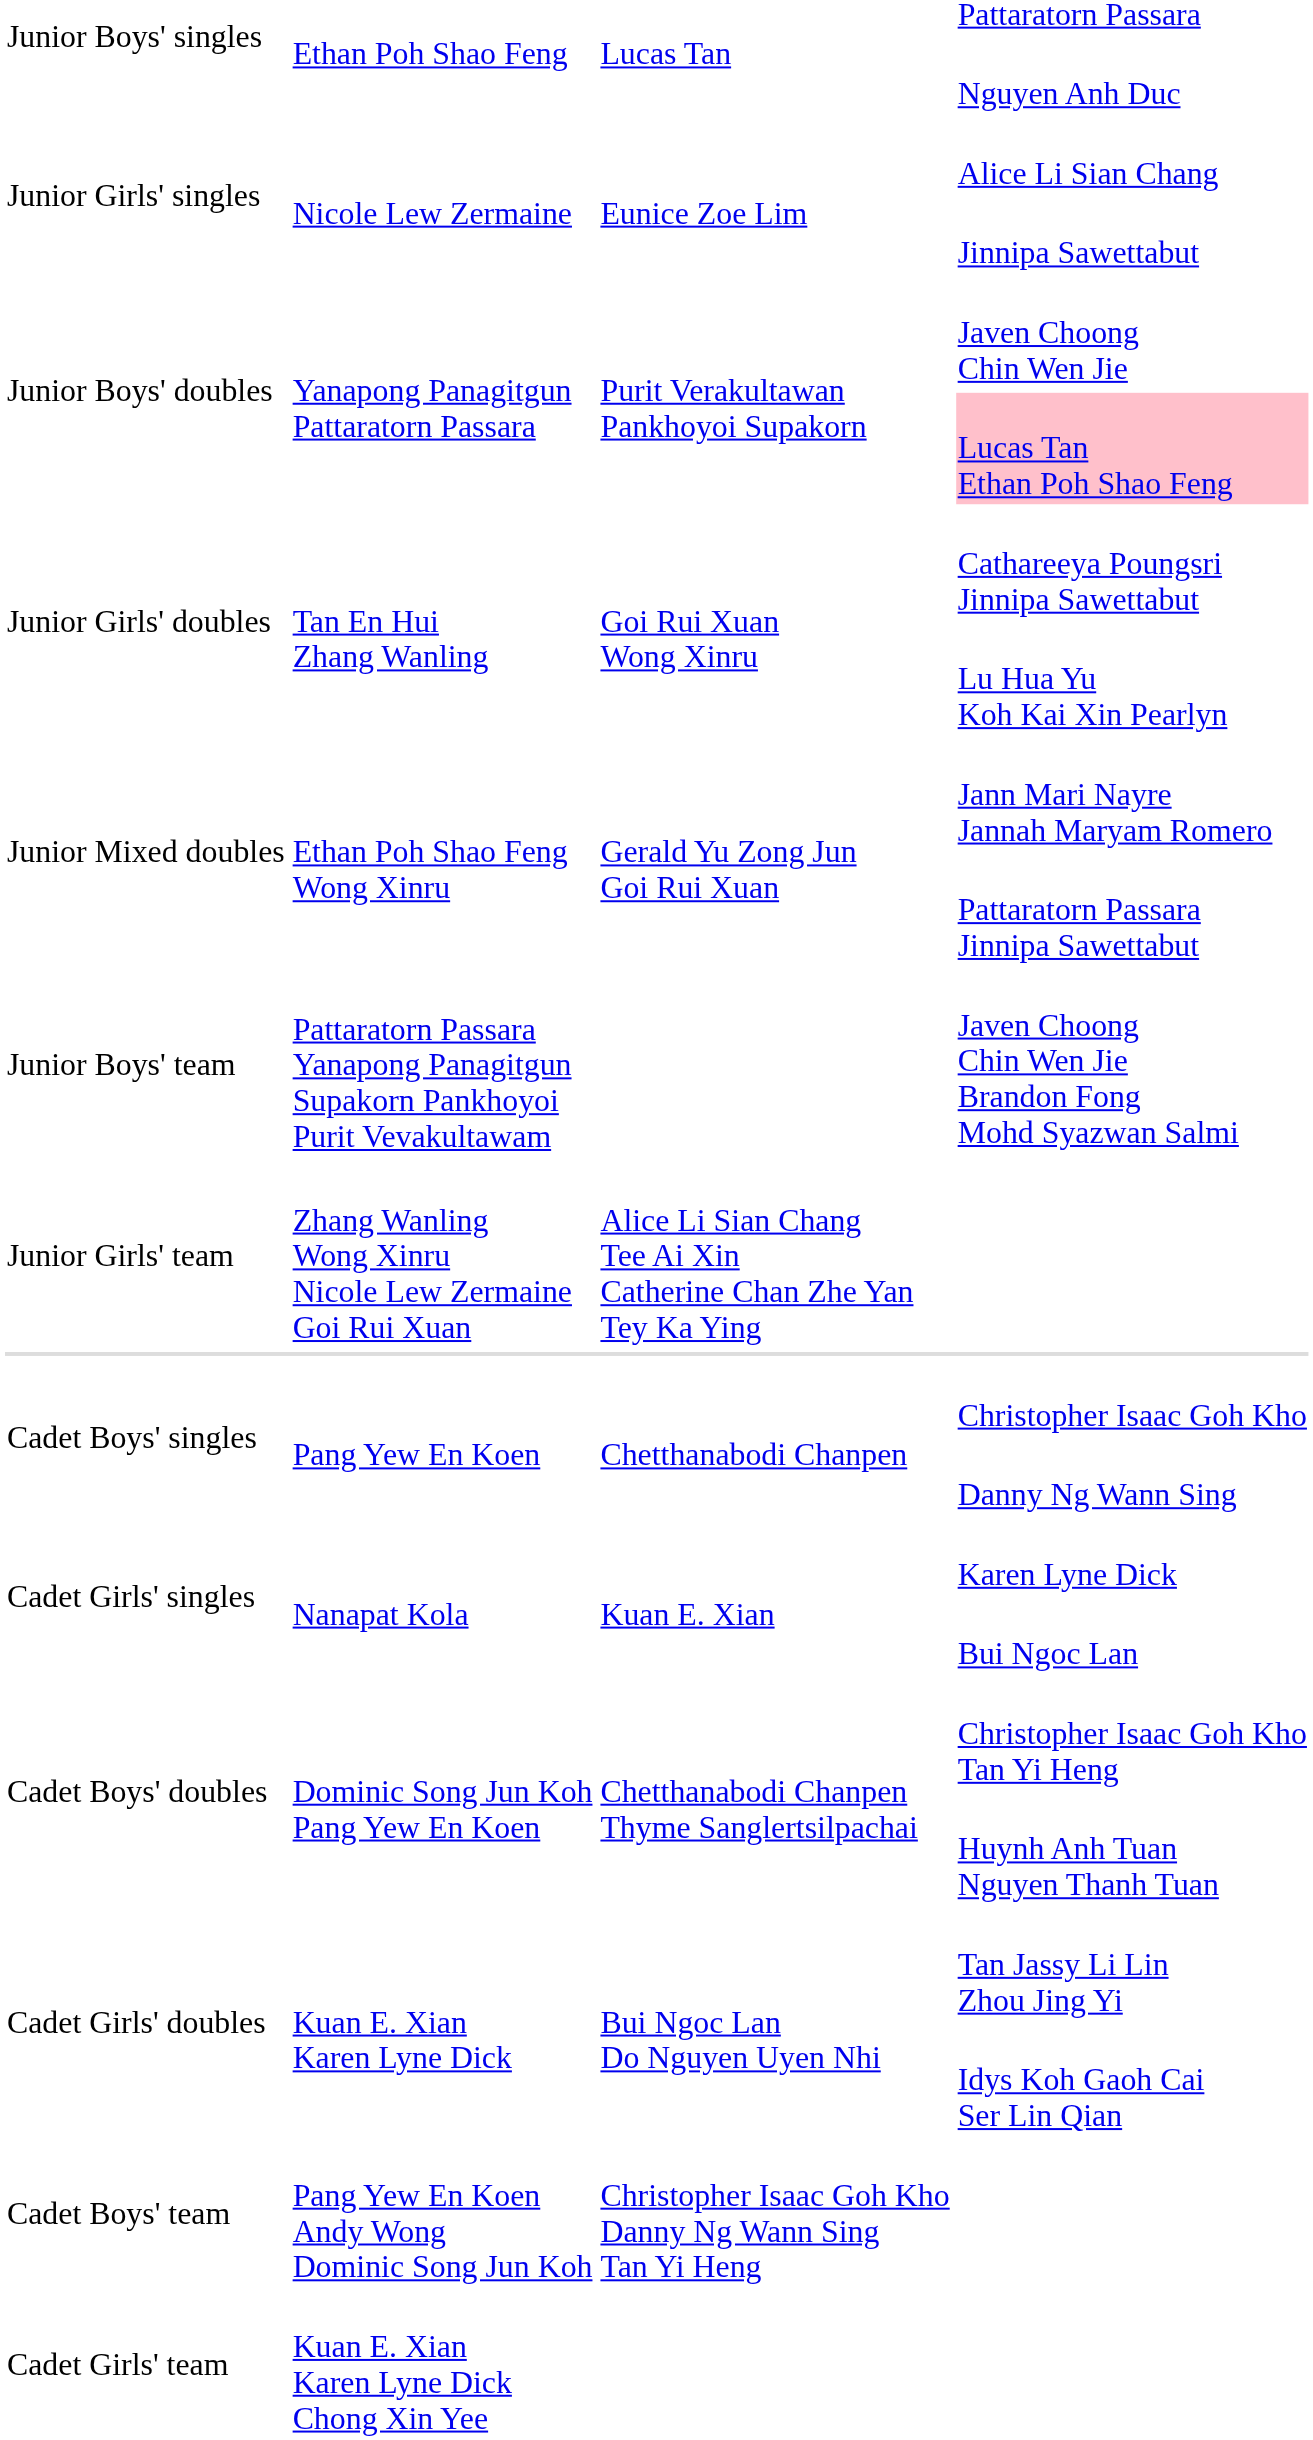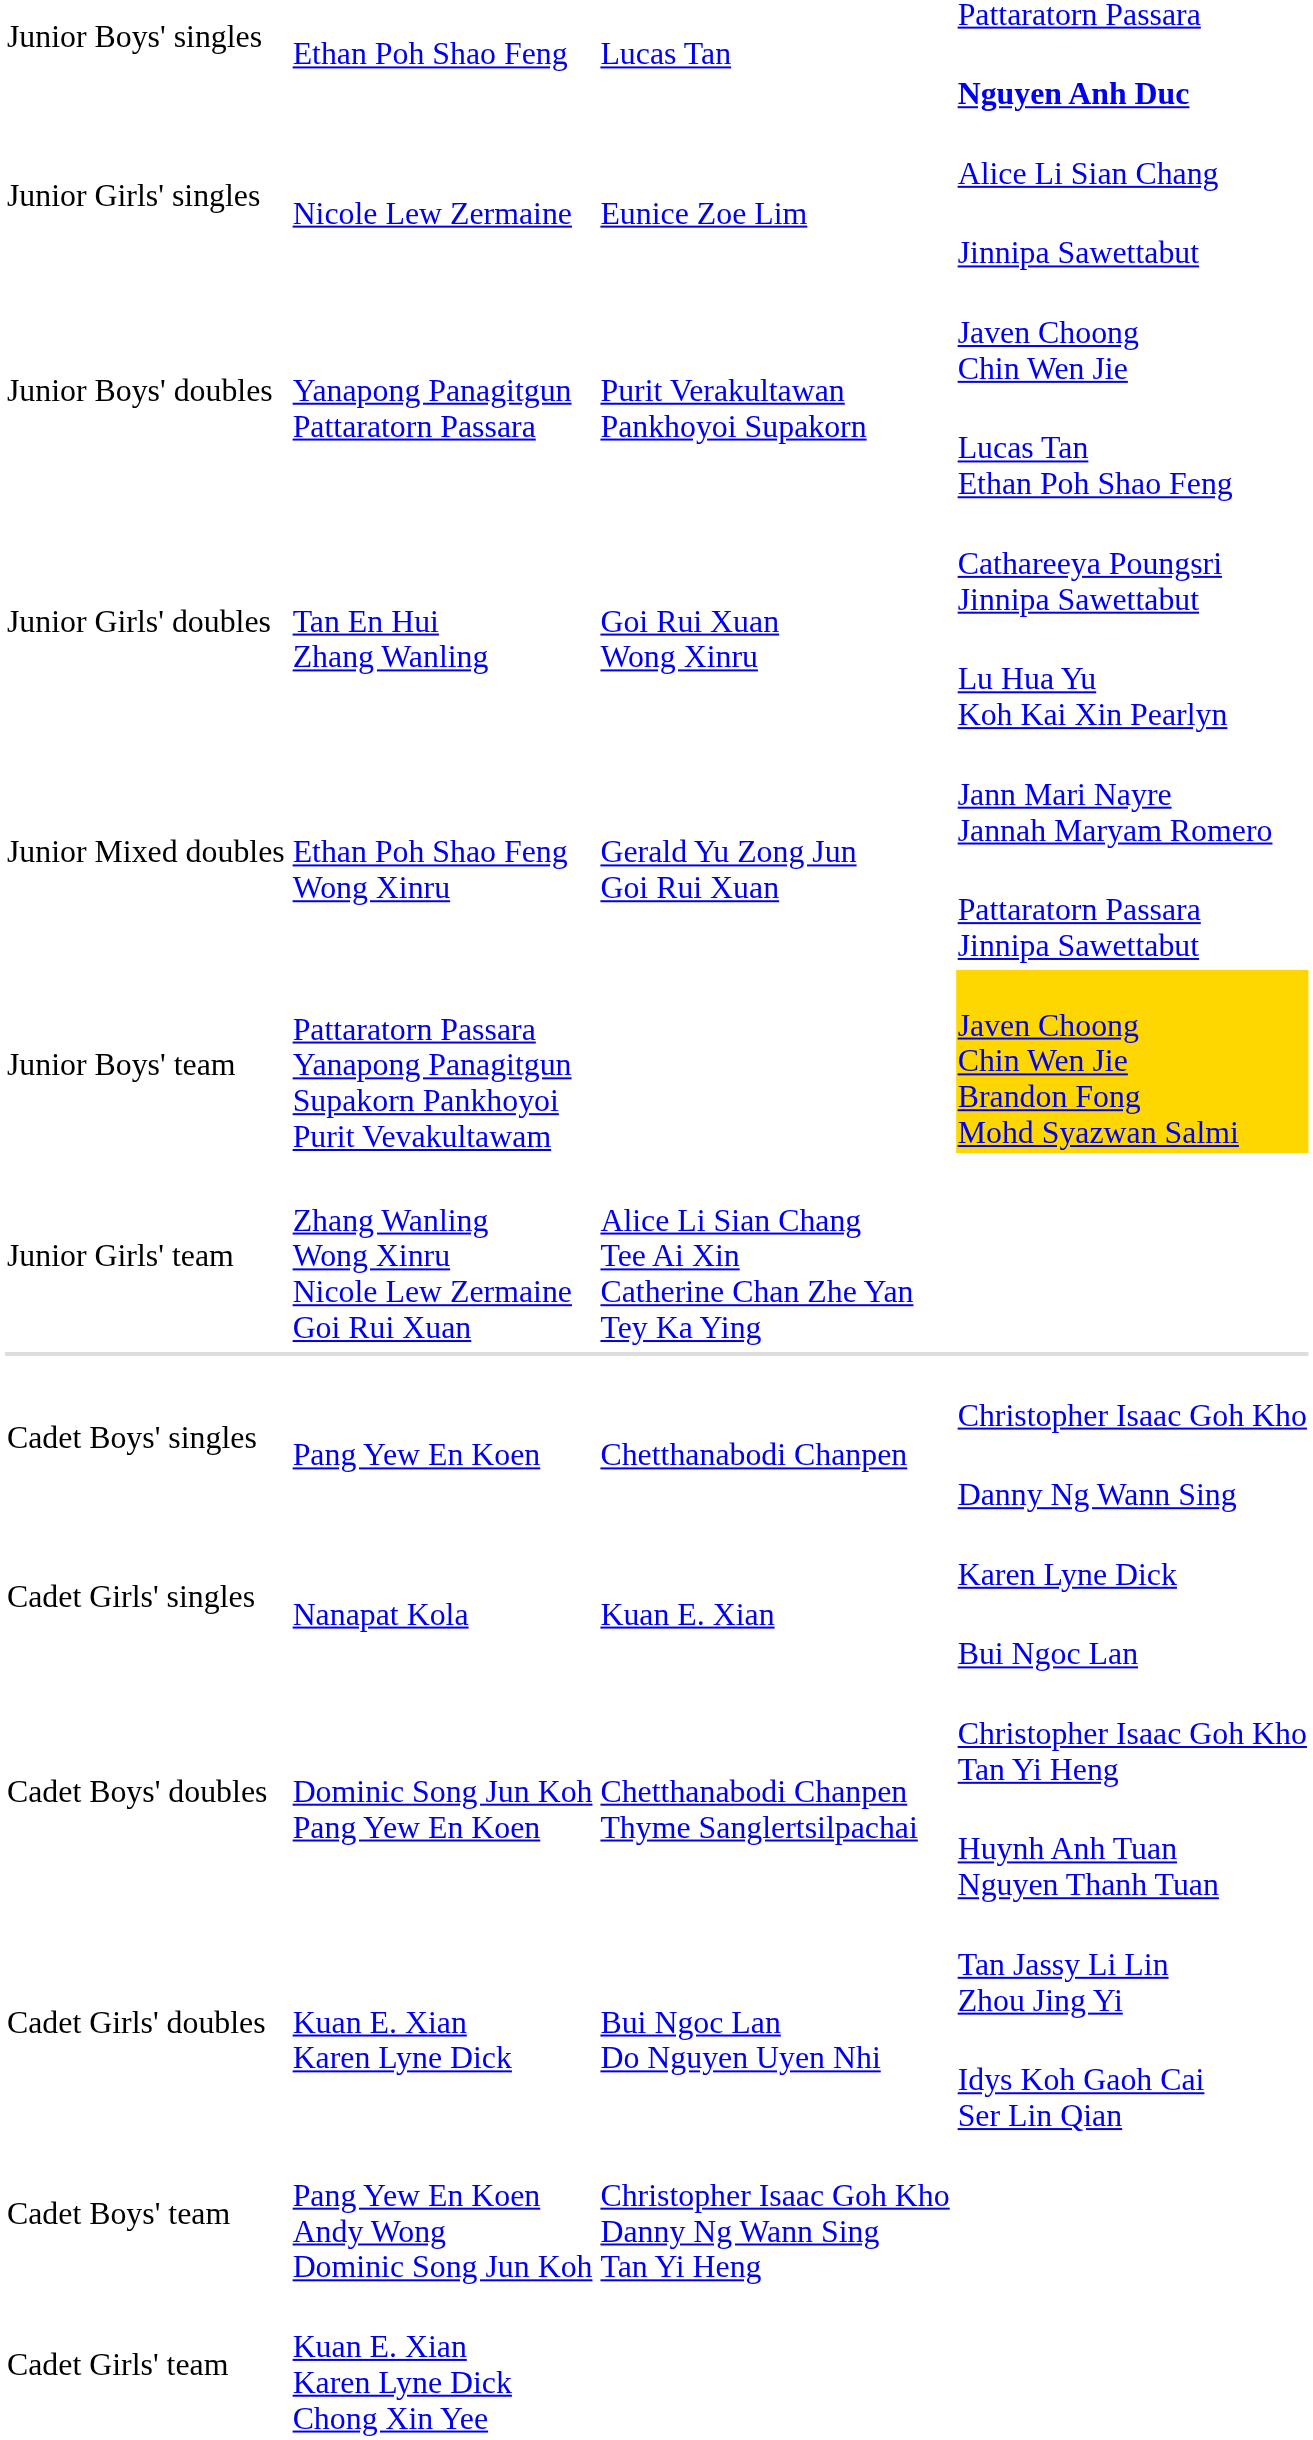 <table>
 <tr>
 <td rowspan=2>Junior Boys' singles</td>
 <td rowspan=2><br><a href='#'>Ethan Poh Shao Feng</a></td>
 <td rowspan=2><br><a href='#'>Lucas Tan</a></td>
 <td><br><a href='#'>Pattaratorn Passara</a></td>
 </tr>
 <tr>
-<td><br><a href='#'>Nguyen Anh Duc</a></td>
+<td><strong><br><a href='#'>Nguyen Anh Duc</a></strong></td>
 </tr>
 <tr>
 <td rowspan=2>Junior Girls' singles</td>
 <td rowspan=2><br><a href='#'>Nicole Lew Zermaine</a></td>
 <td rowspan=2><br><a href='#'>Eunice Zoe Lim</a></td>
 <td><br><a href='#'>Alice Li Sian Chang</a></td>
 </tr>
 <tr>
 <td><br><a href='#'>Jinnipa Sawettabut</a></td>
 </tr>
 <tr>
 <td rowspan=2>Junior Boys' doubles</td>
 <td rowspan=2><br><a href='#'>Yanapong Panagitgun</a><br><a href='#'>Pattaratorn Passara</a></td>
 <td rowspan=2><br><a href='#'>Purit Verakultawan </a><br><a href='#'>Pankhoyoi Supakorn</a></td>
 <td><br><a href='#'>Javen Choong</a><br><a href='#'>Chin Wen Jie</a></td>
 </tr>
 <tr>
-<td style="background: pink;"><br><a href='#'>Lucas Tan</a><br><a href='#'>Ethan Poh Shao Feng</a></td>
+<td><br><a href='#'>Lucas Tan</a><br><a href='#'>Ethan Poh Shao Feng</a></td>
 </tr>
 <tr>
 <td rowspan=2>Junior Girls' doubles</td>
 <td rowspan=2><br><a href='#'>Tan En Hui</a><br><a href='#'>Zhang Wanling</a></td>
 <td rowspan=2><br><a href='#'>Goi Rui Xuan</a><br><a href='#'>Wong Xinru</a></td>
 <td><br><a href='#'>Cathareeya Poungsri</a><br><a href='#'>Jinnipa Sawettabut</a></td>
 </tr>
 <tr>
 <td><br><a href='#'>Lu Hua Yu</a><br><a href='#'>Koh Kai Xin Pearlyn</a></td>
 </tr>
 <tr>
 <td rowspan=2>Junior Mixed doubles</td>
 <td rowspan=2><br><a href='#'>Ethan Poh Shao Feng</a><br><a href='#'>Wong Xinru</a></td>
 <td rowspan=2><br><a href='#'>Gerald Yu Zong Jun</a><br><a href='#'>Goi Rui Xuan</a></td>
 <td><br><a href='#'>Jann Mari Nayre</a><br><a href='#'>Jannah Maryam Romero</a></td>
 </tr>
 <tr>
 <td><br><a href='#'>Pattaratorn Passara</a><br><a href='#'>Jinnipa Sawettabut</a></td>
 </tr>
 <tr>
 <td rowspan=2>Junior Boys' team</td>
 <td rowspan=2><br><a href='#'>Pattaratorn Passara</a><br><a href='#'>Yanapong Panagitgun</a><br><a href='#'>Supakorn Pankhoyoi</a><br><a href='#'>Purit Vevakultawam</a></td>
 <td rowspan=2></td>
-<td><br><a href='#'>Javen Choong</a><br><a href='#'>Chin Wen Jie</a><br><a href='#'>Brandon Fong</a><br><a href='#'>Mohd Syazwan Salmi</a></td>
+<td style="background: gold;"><br><a href='#'>Javen Choong</a><br><a href='#'>Chin Wen Jie</a><br><a href='#'>Brandon Fong</a><br><a href='#'>Mohd Syazwan Salmi</a></td>
 </tr>
 <tr>
 <td></td>
 </tr>
 <tr>
 <td rowspan=2>Junior Girls' team</td>
 <td rowspan=2><br><a href='#'>Zhang Wanling</a><br><a href='#'>Wong Xinru</a><br><a href='#'>Nicole Lew Zermaine</a><br><a href='#'>Goi Rui Xuan</a></td>
 <td rowspan=2><br><a href='#'>Alice Li Sian Chang</a><br><a href='#'>Tee Ai Xin</a><br><a href='#'>Catherine Chan Zhe Yan</a><br><a href='#'>Tey Ka Ying</a></td>
 <td></td>
 </tr>
 <tr>
 <td></td>
 </tr>
 <tr style="background:#dddddd;">
 <td colspan=7></td>
 </tr>
 <tr>
 <td rowspan=2>Cadet Boys' singles</td>
 <td rowspan=2><br><a href='#'>Pang Yew En Koen</a></td>
 <td rowspan=2><br><a href='#'>Chetthanabodi Chanpen</a></td>
 <td><br><a href='#'>Christopher Isaac Goh Kho</a></td>
 </tr>
 <tr>
 <td><br><a href='#'>Danny Ng Wann Sing</a></td>
 </tr>
 <tr>
 <td rowspan=2>Cadet Girls' singles</td>
 <td rowspan=2><br><a href='#'>Nanapat Kola</a></td>
 <td rowspan=2><br><a href='#'>Kuan E. Xian</a></td>
 <td><br><a href='#'>Karen Lyne Dick</a></td>
 </tr>
 <tr>
 <td><br><a href='#'>Bui Ngoc Lan</a></td>
 </tr>
 <tr>
 <td rowspan=2>Cadet Boys' doubles</td>
 <td rowspan=2><br><a href='#'>Dominic Song Jun Koh</a><br><a href='#'>Pang Yew En Koen</a></td>
 <td rowspan=2><br><a href='#'>Chetthanabodi Chanpen</a><br><a href='#'>Thyme Sanglertsilpachai</a></td>
 <td><br><a href='#'>Christopher Isaac Goh Kho</a><br><a href='#'>Tan Yi Heng</a></td>
 </tr>
 <tr>
 <td><br><a href='#'>Huynh Anh Tuan</a><br><a href='#'>Nguyen Thanh Tuan</a></td>
 </tr>
 <tr>
 <td rowspan=2>Cadet Girls' doubles</td>
 <td rowspan=2><br><a href='#'>Kuan E. Xian</a><br><a href='#'>Karen Lyne Dick</a></td>
 <td rowspan=2><br><a href='#'>Bui Ngoc Lan</a><br><a href='#'>Do Nguyen Uyen Nhi</a></td>
 <td><br><a href='#'>Tan Jassy Li Lin</a><br><a href='#'>Zhou Jing Yi</a></td>
 </tr>
 <tr>
 <td><br><a href='#'>Idys Koh Gaoh Cai</a><br><a href='#'>Ser Lin Qian</a></td>
 </tr>
 <tr>
 <td rowspan=2>Cadet Boys' team</td>
 <td rowspan=2><br><a href='#'>Pang Yew En Koen</a><br><a href='#'>Andy Wong</a><br><a href='#'>Dominic Song Jun Koh</a></td>
 <td rowspan=2><br><a href='#'>Christopher Isaac Goh Kho</a><br><a href='#'>Danny Ng Wann Sing</a><br><a href='#'>Tan Yi Heng</a></td>
 <td></td>
 </tr>
 <tr>
 <td></td>
 </tr>
 <tr>
 <td rowspan=2>Cadet Girls' team</td>
 <td rowspan=2><br><a href='#'>Kuan E. Xian</a><br><a href='#'>Karen Lyne Dick</a><br><a href='#'>Chong Xin Yee</a></td>
 <td rowspan=2></td>
 <td></td>
 </tr>
 <tr>
 <td></td>
 </tr>
 </table>
